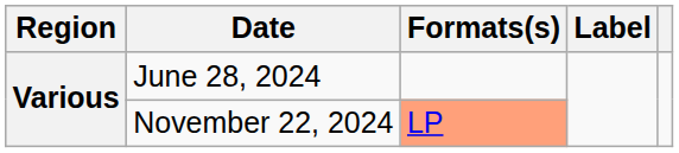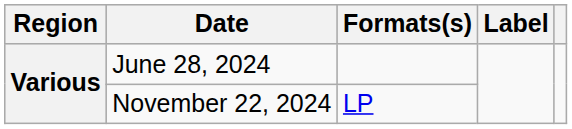 <table class="wikitable plainrowheaders">
 <tr>
 <th scope="col">Region</th>
 <th scope="col">Date</th>
 <th scope="col">Formats(s)</th>
 <th scope="col">Label</th>
 <th scope="col"></th>
 </tr>
 <tr>
 <th rowspan="2" scope="row">Various</th>
 <td>June 28, 2024</td>
 <td></td>
 <td rowspan="2"></td>
 <td rowspan="2" align="center"></td>
 </tr>
 <tr>
 <td>November 22, 2024</td>
-<td style="background: lightsalmon;"><a href='#'>LP</a></td>
+<td><a href='#'>LP</a></td>
 </tr>
 </table>
